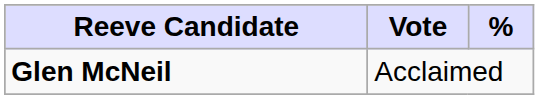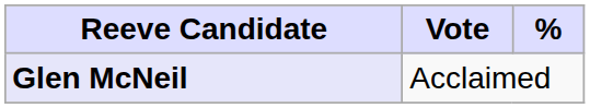 <table class="wikitable">
 <tr>
 <th style="background:#ddf; width:200px;">Reeve Candidate</th>
 <th style="background:#ddf; width:50px;">Vote</th>
 <th style="background:#ddf; width:30px;">%</th>
 </tr>
 <tr>
-<td><strong>Glen McNeil</strong></td>
+<td style="background: lavender;"><strong>Glen McNeil</strong></td>
 <td colspan="2">Acclaimed</td>
 </tr>
 </table>
